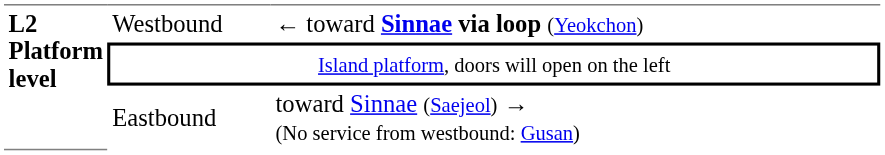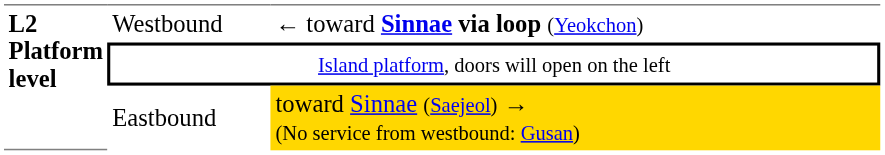 <table table border=0 cellspacing=0 cellpadding=3>
 <tr>
 <td style="border-top:solid 1px gray;border-bottom:solid 1px gray;" width=50 rowspan=10 valign=top><strong>L2<br>Platform level</strong></td>
 <td style="border-bottom:solid 0px gray;border-top:solid 1px gray;" width=100>Westbound</td>
 <td style="border-bottom:solid 0px gray;border-top:solid 1px gray;" width=390>←  toward <strong><a href='#'>Sinnae</a> via loop</strong> <small>(<a href='#'>Yeokchon</a>)</small></td>
 </tr>
 <tr>
 <td style="border-top:solid 2px black;border-right:solid 2px black;border-left:solid 2px black;border-bottom:solid 2px black;text-align:center;" colspan=2><small><a href='#'>Island platform</a>, doors will open on the left </small></td>
 </tr>
 <tr>
 <td>Eastbound</td>
-<td>  toward <a href='#'>Sinnae</a> <small>(<a href='#'>Saejeol</a>)</small> →<br><small>(No service from westbound: <a href='#'>Gusan</a>)</small></td>
+<td style="background: gold;">  toward <a href='#'>Sinnae</a> <small>(<a href='#'>Saejeol</a>)</small> →<br><small>(No service from westbound: <a href='#'>Gusan</a>)</small></td>
 </tr>
 </table>
